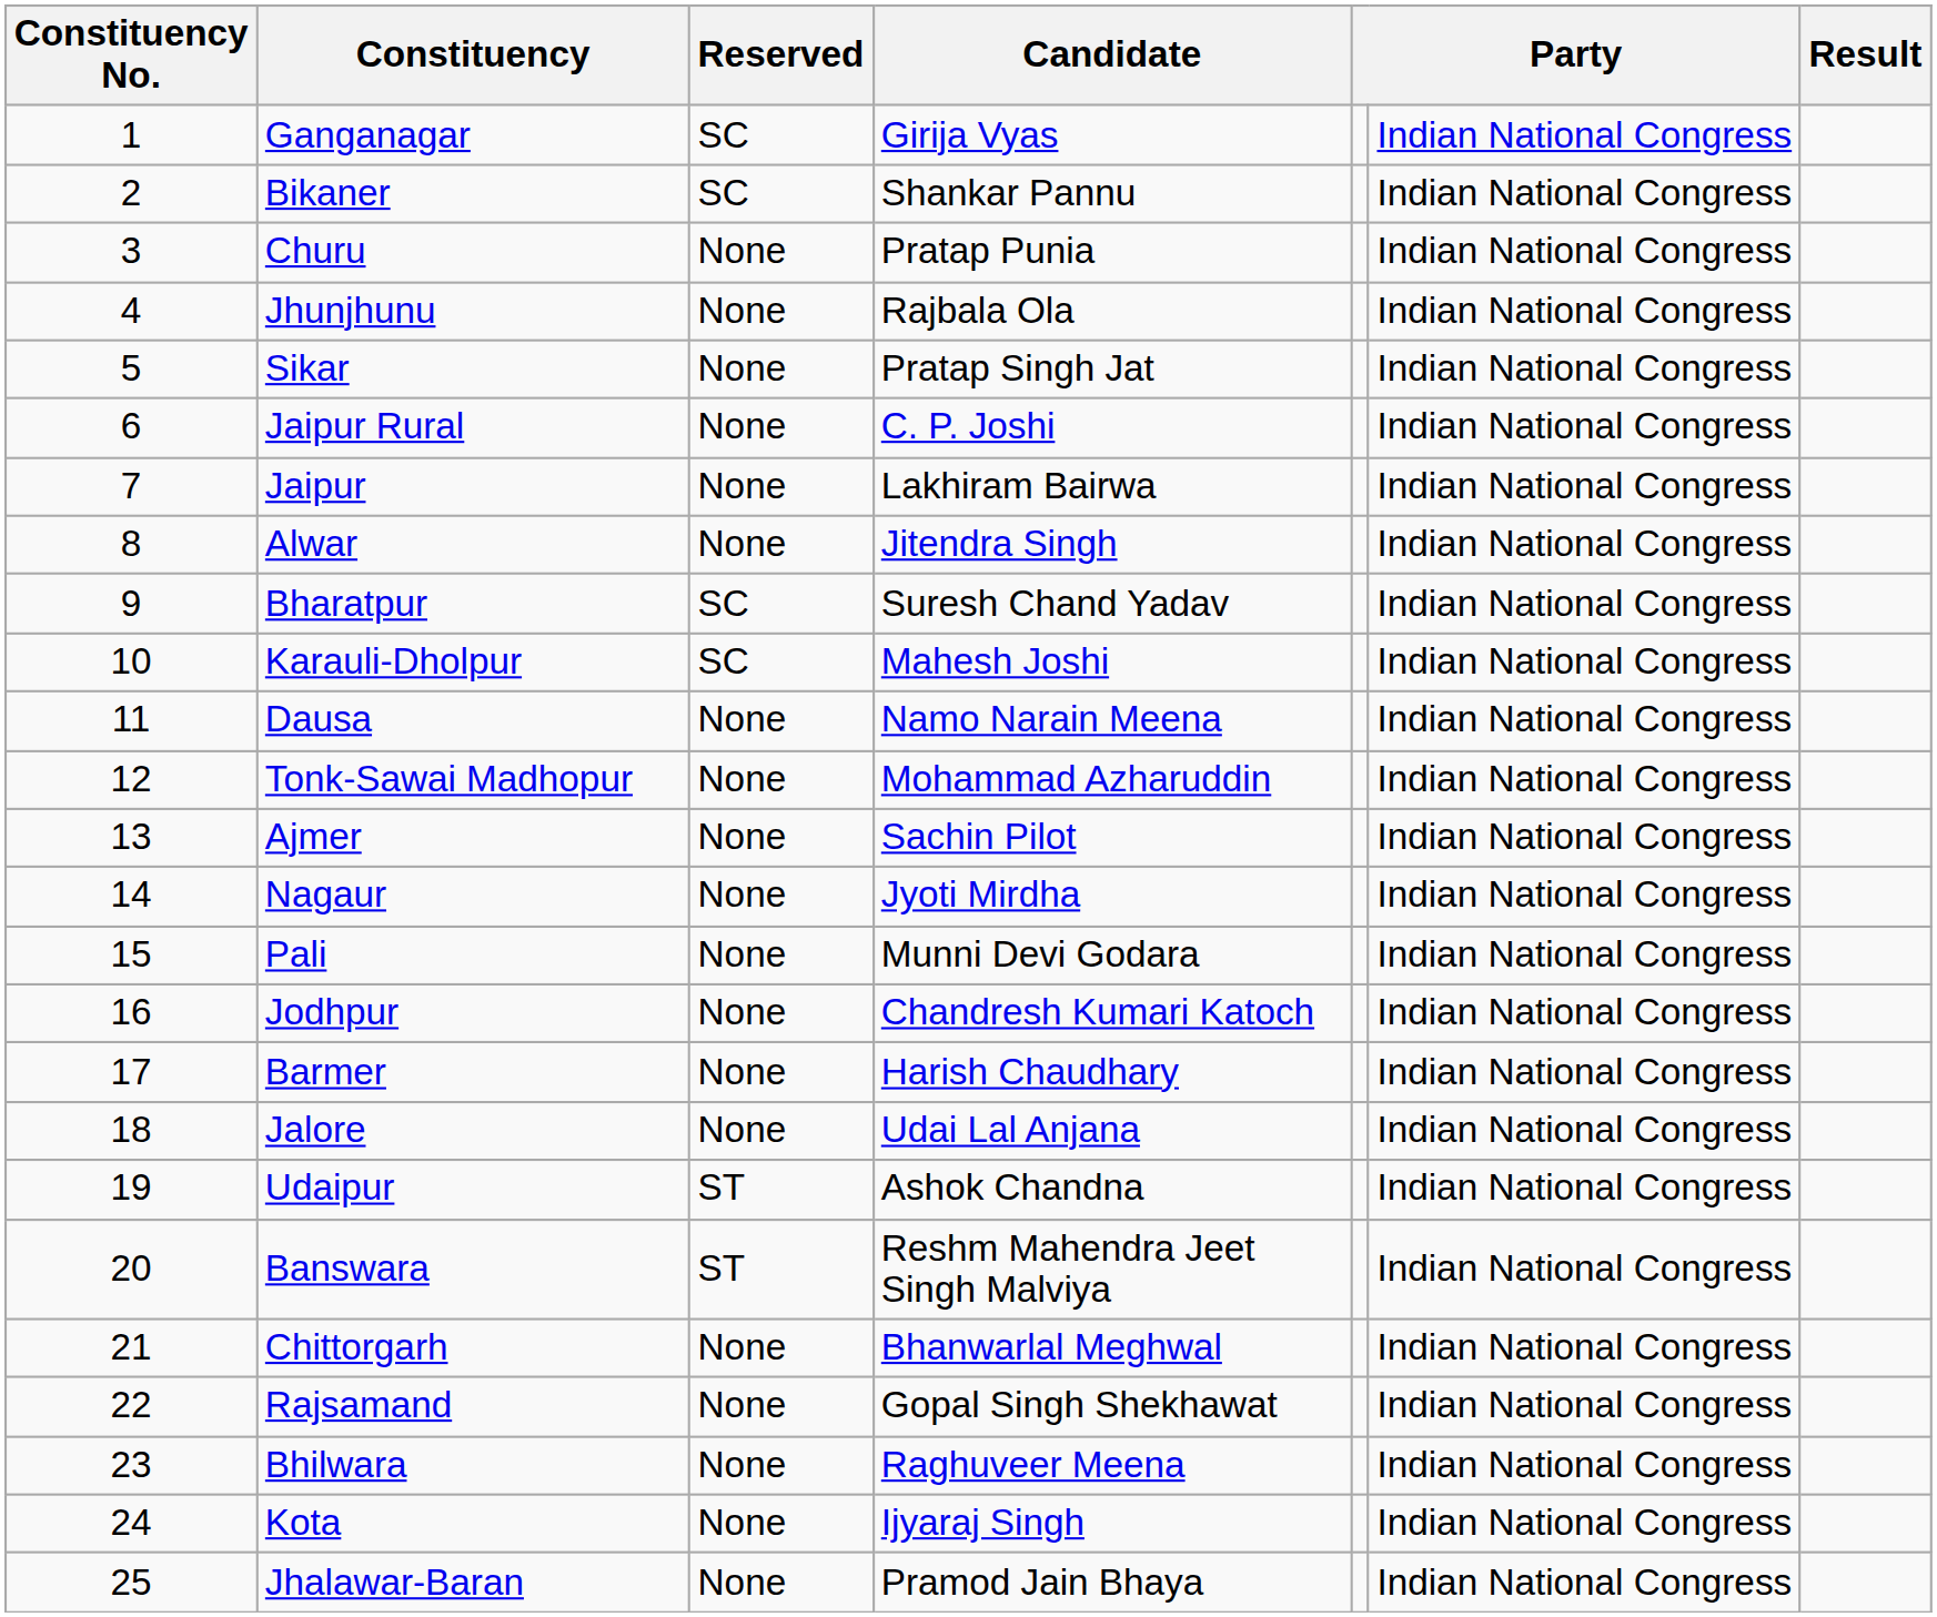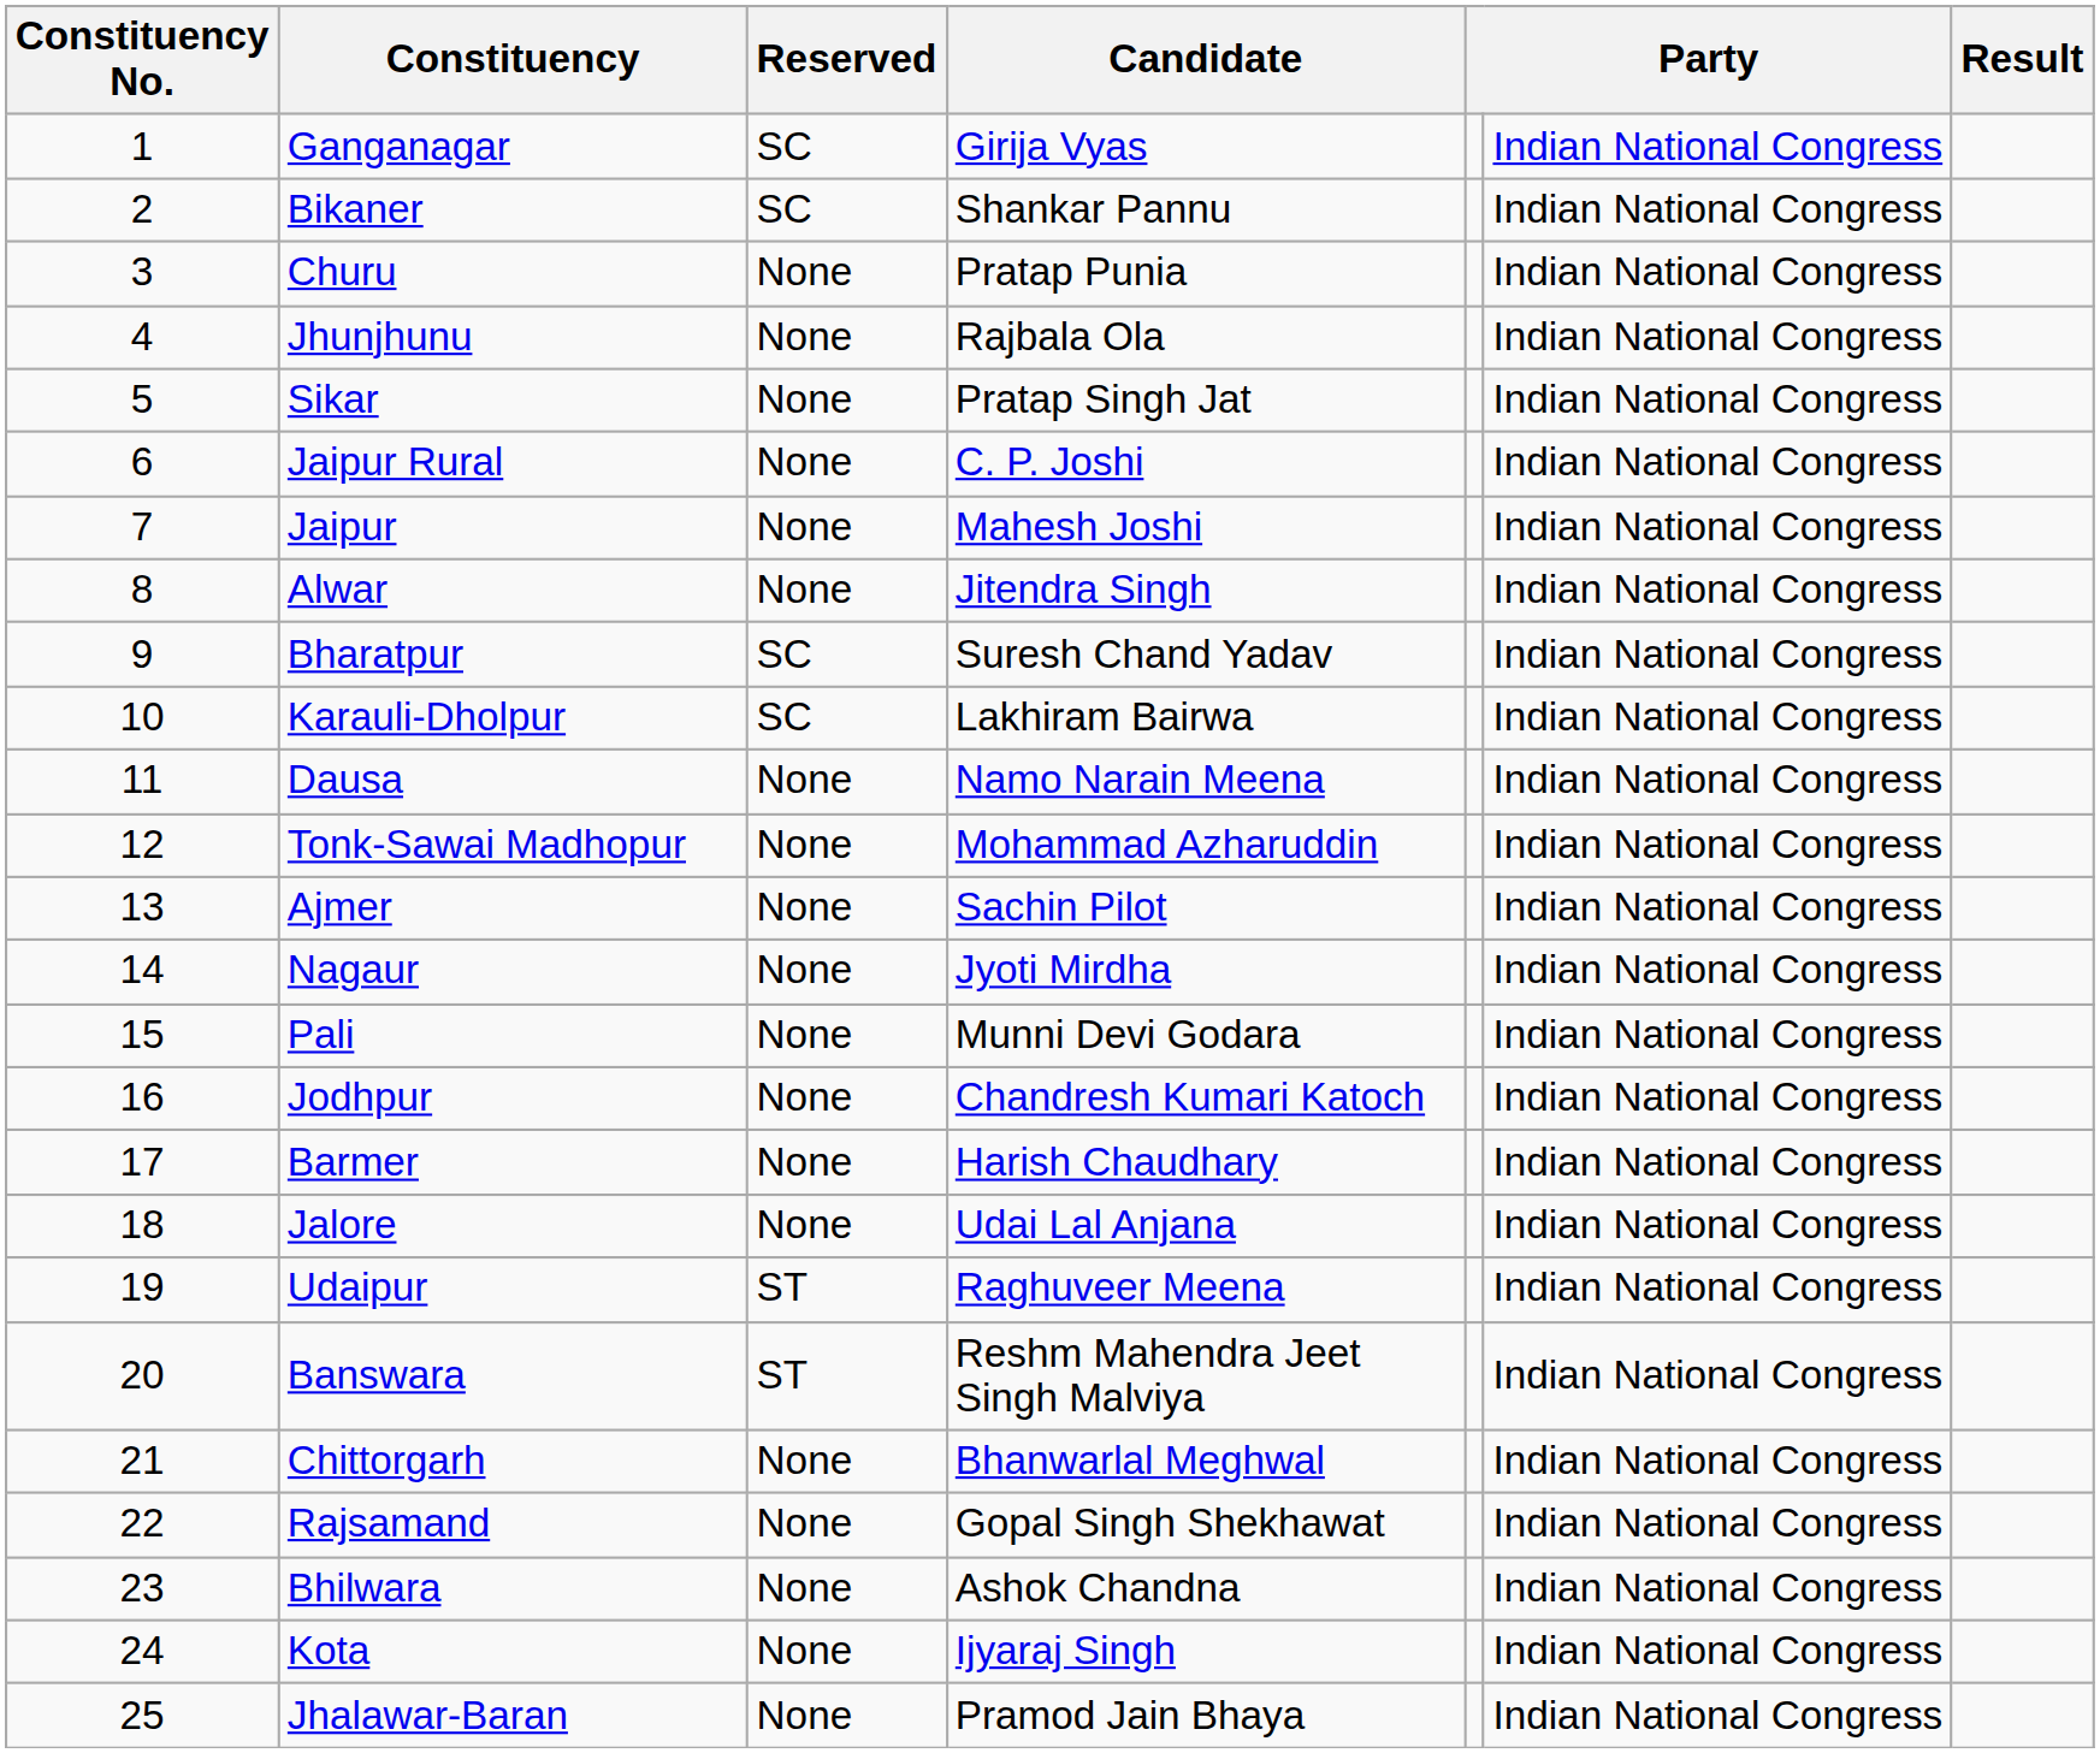 <table class= "wikitable sortable">
 <tr>
 <th>Constituency <br> No.</th>
 <th style="width:180px;">Constituency</th>
 <th>Reserved</th>
 <th style="width:200px;">Candidate</th>
 <th colspan=2>Party</th>
 <th>Result</th>
 </tr>
 <tr>
 <td align="center">1</td>
 <td><a href='#'>Ganganagar</a></td>
 <td>SC</td>
 <td><a href='#'>Girija Vyas</a></td>
 <td></td>
 <td><a href='#'>Indian National Congress</a></td>
 <td></td>
 </tr>
 <tr>
 <td align="center">2</td>
 <td><a href='#'>Bikaner</a></td>
 <td>SC</td>
 <td>Shankar Pannu</td>
 <td></td>
 <td>Indian National Congress</td>
 <td></td>
 </tr>
 <tr>
 <td align="center">3</td>
 <td><a href='#'>Churu</a></td>
 <td>None</td>
 <td>Pratap Punia</td>
 <td></td>
 <td>Indian National Congress</td>
 <td></td>
 </tr>
 <tr>
 <td align="center">4</td>
 <td><a href='#'>Jhunjhunu</a></td>
 <td>None</td>
 <td>Rajbala Ola</td>
 <td></td>
 <td>Indian National Congress</td>
 <td></td>
 </tr>
 <tr>
 <td align="center">5</td>
 <td><a href='#'>Sikar</a></td>
 <td>None</td>
 <td>Pratap Singh Jat</td>
 <td></td>
 <td>Indian National Congress</td>
 <td></td>
 </tr>
 <tr>
 <td align="center">6</td>
 <td><a href='#'>Jaipur Rural</a></td>
 <td>None</td>
 <td><a href='#'>C. P. Joshi</a></td>
 <td></td>
 <td>Indian National Congress</td>
 <td></td>
 </tr>
 <tr>
 <td align="center">7</td>
 <td><a href='#'>Jaipur</a></td>
 <td>None</td>
-<td>Lakhiram Bairwa</td>
+<td><a href='#'>Mahesh Joshi</a></td>
 <td></td>
 <td>Indian National Congress</td>
 <td></td>
 </tr>
 <tr>
 <td align="center">8</td>
 <td><a href='#'>Alwar</a></td>
 <td>None</td>
 <td><a href='#'>Jitendra Singh</a></td>
 <td></td>
 <td>Indian National Congress</td>
 <td></td>
 </tr>
 <tr>
 <td align="center">9</td>
 <td><a href='#'>Bharatpur</a></td>
 <td>SC</td>
 <td>Suresh Chand Yadav</td>
 <td></td>
 <td>Indian National Congress</td>
 <td></td>
 </tr>
 <tr>
 <td align="center">10</td>
 <td><a href='#'>Karauli-Dholpur</a></td>
 <td>SC</td>
-<td><a href='#'>Mahesh Joshi</a></td>
+<td>Lakhiram Bairwa</td>
 <td></td>
 <td>Indian National Congress</td>
 <td></td>
 </tr>
 <tr>
 <td align="center">11</td>
 <td><a href='#'>Dausa</a></td>
 <td>None</td>
 <td><a href='#'>Namo Narain Meena</a></td>
 <td></td>
 <td>Indian National Congress</td>
 <td></td>
 </tr>
 <tr>
 <td align="center">12</td>
 <td><a href='#'>Tonk-Sawai Madhopur</a></td>
 <td>None</td>
 <td><a href='#'>Mohammad Azharuddin</a></td>
 <td></td>
 <td>Indian National Congress</td>
 <td></td>
 </tr>
 <tr>
 <td align="center">13</td>
 <td><a href='#'>Ajmer</a></td>
 <td>None</td>
 <td><a href='#'>Sachin Pilot</a></td>
 <td></td>
 <td>Indian National Congress</td>
 <td></td>
 </tr>
 <tr>
 <td align="center">14</td>
 <td><a href='#'>Nagaur</a></td>
 <td>None</td>
 <td><a href='#'>Jyoti Mirdha</a></td>
 <td></td>
 <td>Indian National Congress</td>
 <td></td>
 </tr>
 <tr>
 <td align="center">15</td>
 <td><a href='#'>Pali</a></td>
 <td>None</td>
 <td>Munni Devi Godara</td>
 <td></td>
 <td>Indian National Congress</td>
 <td></td>
 </tr>
 <tr>
 <td align="center">16</td>
 <td><a href='#'>Jodhpur</a></td>
 <td>None</td>
 <td><a href='#'>Chandresh Kumari Katoch</a></td>
 <td></td>
 <td>Indian National Congress</td>
 <td></td>
 </tr>
 <tr>
 <td align="center">17</td>
 <td><a href='#'>Barmer</a></td>
 <td>None</td>
 <td><a href='#'>Harish Chaudhary</a></td>
 <td></td>
 <td>Indian National Congress</td>
 <td></td>
 </tr>
 <tr>
 <td align="center">18</td>
 <td><a href='#'>Jalore</a></td>
 <td>None</td>
 <td><a href='#'>Udai Lal Anjana</a></td>
 <td></td>
 <td>Indian National Congress</td>
 <td></td>
 </tr>
 <tr>
 <td align="center">19</td>
 <td><a href='#'>Udaipur</a></td>
 <td>ST</td>
-<td>Ashok Chandna</td>
+<td><a href='#'>Raghuveer Meena</a></td>
 <td></td>
 <td>Indian National Congress</td>
 <td></td>
 </tr>
 <tr>
 <td align="center">20</td>
 <td><a href='#'>Banswara</a></td>
 <td>ST</td>
 <td>Reshm Mahendra Jeet Singh Malviya</td>
 <td></td>
 <td>Indian National Congress</td>
 <td></td>
 </tr>
 <tr>
 <td align="center">21</td>
 <td><a href='#'>Chittorgarh</a></td>
 <td>None</td>
 <td><a href='#'>Bhanwarlal Meghwal</a></td>
 <td></td>
 <td>Indian National Congress</td>
 <td></td>
 </tr>
 <tr>
 <td align="center">22</td>
 <td><a href='#'>Rajsamand</a></td>
 <td>None</td>
 <td>Gopal Singh Shekhawat</td>
 <td></td>
 <td>Indian National Congress</td>
 <td></td>
 </tr>
 <tr>
 <td align="center">23</td>
 <td><a href='#'>Bhilwara</a></td>
 <td>None</td>
-<td><a href='#'>Raghuveer Meena</a></td>
+<td>Ashok Chandna</td>
 <td></td>
 <td>Indian National Congress</td>
 <td></td>
 </tr>
 <tr>
 <td align="center">24</td>
 <td><a href='#'>Kota</a></td>
 <td>None</td>
 <td><a href='#'>Ijyaraj Singh</a></td>
 <td></td>
 <td>Indian National Congress</td>
 <td></td>
 </tr>
 <tr>
 <td align="center">25</td>
 <td><a href='#'>Jhalawar-Baran</a></td>
 <td>None</td>
 <td>Pramod Jain Bhaya</td>
 <td></td>
 <td>Indian National Congress</td>
 <td></td>
 </tr>
 </table>
